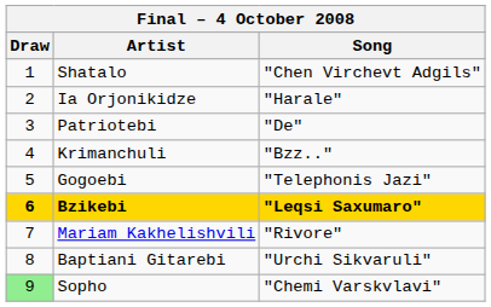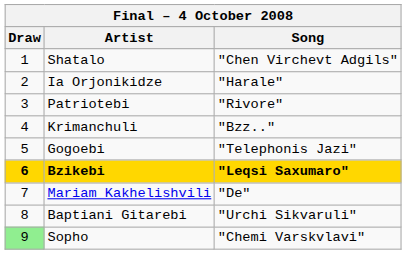 <table class="sortable wikitable" style="margin: 1em auto 1em auto; text-align:center">
 <tr>
 <th colspan="3">Final – 4 October 2008</th>
 </tr>
 <tr bgcolor="#CCCCCC">
 <th>Draw</th>
 <th>Artist</th>
 <th>Song</th>
 </tr>
 <tr>
 <td>1</td>
 <td align="left">Shatalo</td>
 <td align="left">"Chen Virchevt Adgils"</td>
 </tr>
 <tr>
 <td>2</td>
 <td align="left">Ia Orjonikidze</td>
 <td align="left">"Harale"</td>
 </tr>
 <tr>
 <td>3</td>
 <td align="left">Patriotebi</td>
-<td align="left">"De"</td>
+<td align="left">"Rivore"</td>
 </tr>
 <tr>
 <td>4</td>
 <td align="left">Krimanchuli</td>
 <td align="left">"Bzz.."</td>
 </tr>
 <tr>
 <td>5</td>
 <td align="left">Gogoebi</td>
 <td align="left">"Telephonis Jazi"</td>
 </tr>
 <tr style="font-weight:bold; background:gold;">
 <td>6</td>
 <td align="left">Bzikebi</td>
 <td align="left">"Leqsi Saxumaro"</td>
 </tr>
 <tr>
 <td>7</td>
 <td align="left"><a href='#'>Mariam Kakhelishvili</a></td>
-<td align="left">"Rivore"</td>
+<td align="left">"De"</td>
 </tr>
 <tr>
 <td>8</td>
 <td align="left">Baptiani Gitarebi</td>
 <td align="left">"Urchi Sikvaruli"</td>
 </tr>
 <tr>
 <td style="background: lightgreen;">9</td>
 <td align="left">Sopho</td>
 <td align="left">"Chemi Varskvlavi"</td>
 </tr>
 </table>
